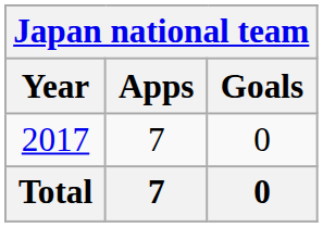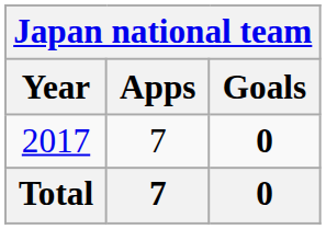 <table class="wikitable" style="text-align:center">
 <tr>
 <th colspan=3><a href='#'>Japan national team</a></th>
 </tr>
 <tr>
 <th>Year</th>
 <th>Apps</th>
 <th>Goals</th>
 </tr>
 <tr>
 <td><a href='#'>2017</a></td>
 <td>7</td>
-<td>0</td>
+<td><strong>0</strong></td>
 </tr>
 <tr>
 <th>Total</th>
 <th>7</th>
 <th>0</th>
 </tr>
 </table>
